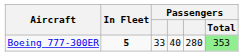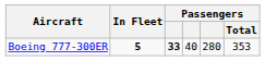 <table class="wikitable" style="border-collapse:collapse;margin:auto;">
 <tr>
 <th rowspan=2>Aircraft</th>
 <th rowspan=2>In Fleet</th>
 <th colspan=4>Passengers</th>
 </tr>
 <tr>
 <th></th>
 <th></th>
 <th></th>
 <th>Total</th>
 </tr>
 <tr>
 <td><a href='#'>Boeing 777-300ER</a></td>
 <td style="text-align:center;"><strong>5</strong></td>
-<td style="text-align:center;">33</td>
+<td style="text-align:center;"><strong>33</strong></td>
 <td style="text-align:center;">40</td>
 <td style="text-align:center;">280</td>
-<td style="background: lightgreen; text-align:center;">353</td>
+<td style="text-align:center;">353</td>
 </tr>
 </table>
